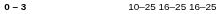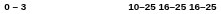 <table width=100% cellspacing=1>
 <tr>
 <th width=20%></th>
 <th width=12%></th>
 <th width=20%></th>
 <th width=33%></th>
 <td></td>
 </tr>
 <tr style=font-size:90%>
 <td align=right></td>
 <td align=center><strong>0 – 3</strong></td>
 <td><strong></strong></td>
-<td>10–25 16–25 16–25</td>
+<td><strong>10–25 16–25 16–25</strong></td>
 </tr>
 </table>
